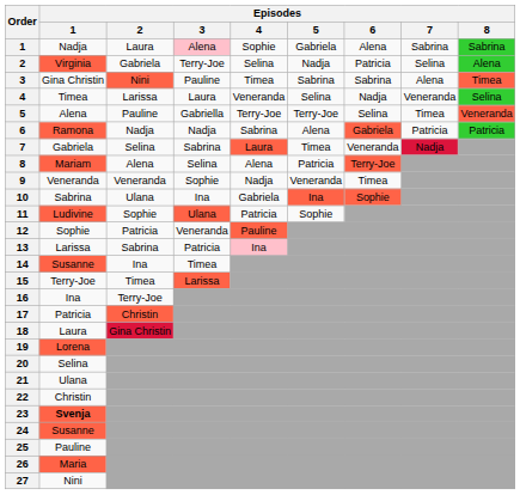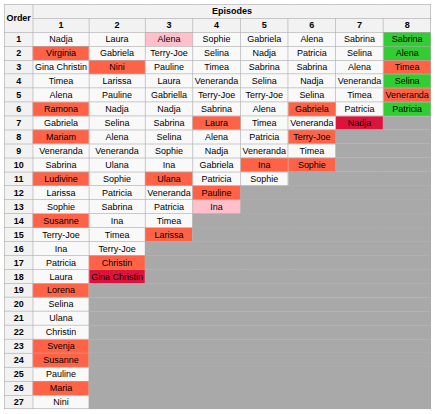 <table class="wikitable" style="text-align:center; font-size:92%">
 <tr>
 <th rowspan=2>Order</th>
 <th colspan=10>Episodes</th>
 </tr>
 <tr>
 <th>1</th>
 <th>2</th>
 <th>3</th>
 <th>4</th>
 <th>5</th>
 <th>6</th>
 <th>7</th>
 <th>8</th>
 </tr>
 <tr>
 <th>1</th>
 <td>Nadja</td>
 <td>Laura</td>
 <td style="background:pink;">Alena</td>
 <td>Sophie</td>
 <td>Gabriela</td>
 <td>Alena</td>
 <td>Sabrina</td>
 <td style="background:limegreen;">Sabrina</td>
 </tr>
 <tr>
 <th>2</th>
 <td style="background:tomato;">Virginia</td>
 <td>Gabriela</td>
 <td>Terry-Joe</td>
 <td>Selina</td>
 <td>Nadja</td>
 <td>Patricia</td>
 <td>Selina</td>
 <td style="background:limegreen;">Alena</td>
 </tr>
 <tr>
 <th>3</th>
 <td>Gina Christin</td>
 <td style="background:tomato;">Nini</td>
 <td>Pauline</td>
 <td>Timea</td>
 <td>Sabrina</td>
 <td>Sabrina</td>
 <td>Alena</td>
 <td style="background:tomato;">Timea</td>
 </tr>
 <tr>
 <th>4</th>
 <td>Timea</td>
 <td>Larissa</td>
 <td>Laura</td>
 <td>Veneranda</td>
 <td>Selina</td>
 <td>Nadja</td>
 <td>Veneranda</td>
 <td style="background:limegreen;">Selina</td>
 </tr>
 <tr>
 <th>5</th>
 <td>Alena</td>
 <td>Pauline</td>
 <td>Gabriella</td>
 <td>Terry-Joe</td>
 <td>Terry-Joe</td>
 <td>Selina</td>
 <td>Timea</td>
 <td style="background:tomato;">Veneranda</td>
 </tr>
 <tr>
 <th>6</th>
 <td style="background:tomato;">Ramona</td>
 <td>Nadja</td>
 <td>Nadja</td>
 <td>Sabrina</td>
 <td>Alena</td>
 <td style="background:tomato;">Gabriela</td>
 <td>Patricia</td>
 <td style="background:limegreen;">Patricia</td>
 </tr>
 <tr>
 <th>7</th>
 <td>Gabriela</td>
 <td>Selina</td>
 <td>Sabrina</td>
 <td style="background:tomato;">Laura</td>
 <td>Timea</td>
 <td>Veneranda</td>
 <td style="background:crimson;"><span>Nadja</span></td>
 <td colspan="11" style="background:darkGrey;"></td>
 </tr>
 <tr>
 <th>8</th>
 <td style="background:tomato;">Mariam</td>
 <td>Alena</td>
 <td>Selina</td>
 <td>Alena</td>
 <td>Patricia</td>
 <td style="background:tomato;">Terry-Joe</td>
 <td colspan="11" style="background:darkGrey;"></td>
 </tr>
 <tr>
 <th>9</th>
 <td>Veneranda</td>
 <td>Veneranda</td>
 <td>Sophie</td>
 <td>Nadja</td>
 <td>Veneranda</td>
 <td>Timea</td>
 <td colspan="11" style="background:darkGrey;"></td>
 </tr>
 <tr>
 <th>10</th>
 <td>Sabrina</td>
 <td>Ulana</td>
 <td>Ina</td>
 <td>Gabriela</td>
 <td style="background:tomato;">Ina</td>
 <td style="background:tomato;">Sophie</td>
 <td colspan="11" style="background:darkGrey;"></td>
 </tr>
 <tr>
 <th>11</th>
 <td style="background:tomato;">Ludivine</td>
 <td>Sophie</td>
 <td style="background:tomato;">Ulana</td>
 <td>Patricia</td>
 <td>Sophie</td>
 <td colspan="11" style="background:darkGrey;"></td>
 </tr>
 <tr>
 <th>12</th>
-<td>Sophie</td>
+<td>Larissa</td>
 <td>Patricia</td>
 <td>Veneranda</td>
 <td style="background:tomato;">Pauline</td>
 <td colspan="11" style="background:darkGrey;"></td>
 </tr>
 <tr>
 <th>13</th>
-<td>Larissa</td>
+<td>Sophie</td>
 <td>Sabrina</td>
 <td>Patricia</td>
 <td style="background:pink;">Ina</td>
 <td colspan="11" style="background:darkGrey;"></td>
 </tr>
 <tr>
 <th>14</th>
 <td style="background:tomato;">Susanne</td>
 <td>Ina</td>
 <td>Timea</td>
 <td colspan="11" style="background:darkGrey;"></td>
 </tr>
 <tr>
 <th>15</th>
 <td>Terry-Joe</td>
 <td>Timea</td>
 <td style="background:tomato;"><span>Larissa</span></td>
 <td colspan="11" style="background:darkGrey;"></td>
 </tr>
 <tr>
 <th>16</th>
 <td>Ina</td>
 <td>Terry-Joe</td>
 <td colspan="11" style="background:darkGrey;"></td>
 </tr>
 <tr>
 <th>17</th>
 <td>Patricia</td>
 <td style="background:tomato;">Christin</td>
 <td colspan="11" style="background:darkGrey;"></td>
 </tr>
 <tr>
 <th>18</th>
 <td>Laura</td>
 <td style="background:crimson;"><span>Gina Christin</span></td>
 <td colspan="11" style="background:darkGrey;"></td>
 </tr>
 <tr>
 <th>19</th>
 <td style="background:tomato;">Lorena</td>
 <td colspan="11" style="background:darkGrey;"></td>
 </tr>
 <tr>
 <th>20</th>
 <td>Selina</td>
 <td colspan="11" style="background:darkGrey;"></td>
 </tr>
 <tr>
 <th>21</th>
 <td>Ulana</td>
 <td colspan="11" style="background:darkGrey;"></td>
 </tr>
 <tr>
 <th>22</th>
 <td>Christin</td>
 <td colspan="11" style="background:darkGrey;"></td>
 </tr>
 <tr>
 <th>23</th>
-<td style="background:tomato;"><strong>Svenja</strong></td>
+<td style="background:tomato;">Svenja</td>
 <td colspan="11" style="background:darkGrey;"></td>
 </tr>
 <tr>
 <th>24</th>
 <td style="background:tomato;">Susanne</td>
 <td colspan="11" style="background:darkGrey;"></td>
 </tr>
 <tr>
 <th>25</th>
 <td>Pauline</td>
 <td colspan="11" style="background:darkGrey;"></td>
 </tr>
 <tr>
 <th>26</th>
 <td style="background:tomato;">Maria</td>
 <td colspan="11" style="background:darkGrey;"></td>
 </tr>
 <tr>
 <th>27</th>
 <td>Nini</td>
 <td colspan="11" style="background:darkGrey;"></td>
 </tr>
 </table>
